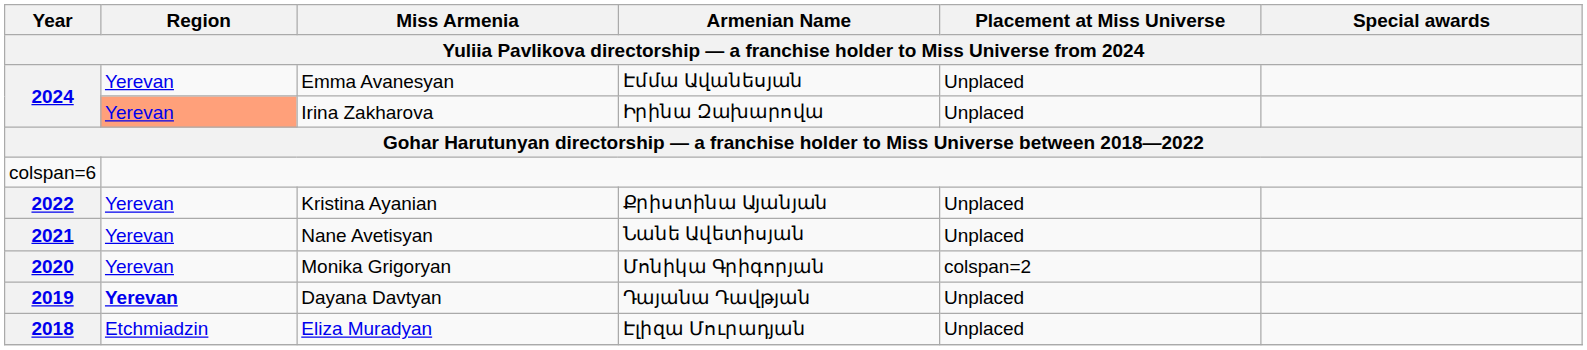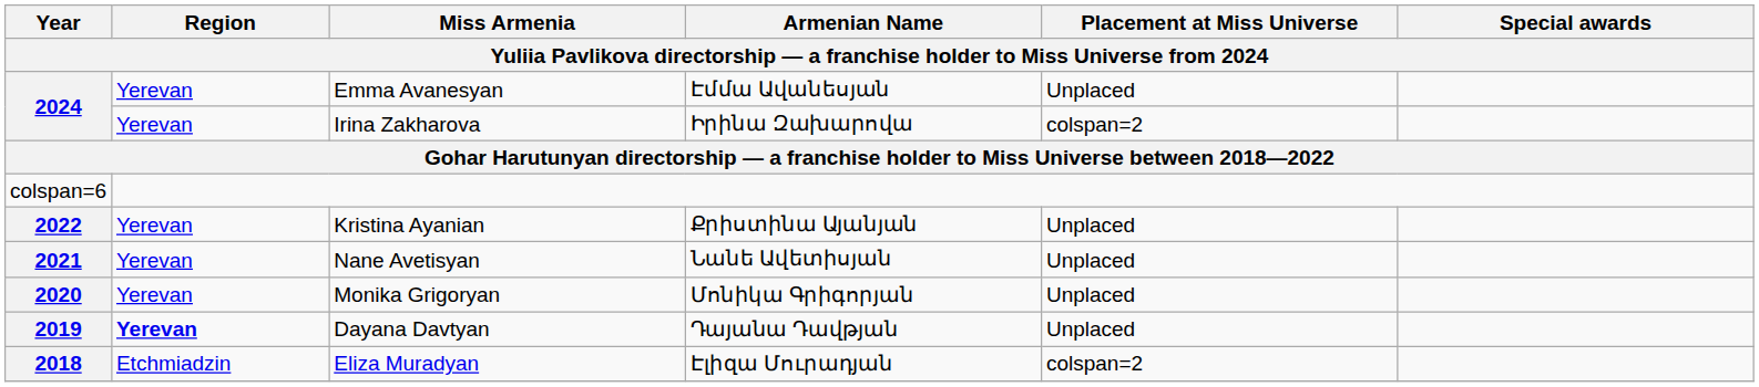 <table class="wikitable " style="font-size: 95%;">
 <tr>
 <th width="60">Year</th>
 <th width="150">Region</th>
 <th width="250">Miss Armenia</th>
 <th width="250">Armenian Name</th>
 <th width="250">Placement at Miss Universe</th>
 <th width="250">Special awards</th>
 </tr>
 <tr>
 <th colspan="6">Yuliia Pavlikova directorship — a franchise holder to Miss Universe from 2024</th>
 </tr>
 <tr>
 <th rowspan="2"><a href='#'>2024</a></th>
 <td><a href='#'>Yerevan</a></td>
 <td>Emma Avanesyan</td>
 <td>Էմմա Ավանեսյան</td>
 <td>Unplaced</td>
 <td></td>
 </tr>
 <tr>
-<td style="background: lightsalmon;"><a href='#'>Yerevan</a></td>
+<td><a href='#'>Yerevan</a></td>
 <td>Irina Zakharova </td>
 <td>Իրինա Զախարովա</td>
-<td>Unplaced</td>
+<td>colspan=2 </td>
 </tr>
 <tr>
 <th colspan="6">Gohar Harutunyan directorship — a franchise holder to Miss Universe between 2018―2022</th>
 </tr>
 <tr>
 <td>colspan=6 </td>
 </tr>
 <tr>
 <th><a href='#'>2022</a></th>
 <td><a href='#'>Yerevan</a></td>
 <td>Kristina Ayanian</td>
 <td>Քրիստինա Այանյան</td>
 <td>Unplaced</td>
 <td></td>
 </tr>
 <tr>
 <th><a href='#'>2021</a></th>
 <td><a href='#'>Yerevan</a></td>
 <td>Nane Avetisyan</td>
 <td>Նանե Ավետիսյան</td>
 <td>Unplaced</td>
 <td></td>
 </tr>
 <tr>
 <th><a href='#'>2020</a></th>
 <td><a href='#'>Yerevan</a></td>
 <td>Monika Grigoryan</td>
 <td>Մոնիկա Գրիգորյան</td>
-<td>colspan=2 </td>
+<td>Unplaced</td>
 <td></td>
 </tr>
 <tr>
 <th><a href='#'>2019</a></th>
 <td><strong><a href='#'>Yerevan</a></strong></td>
 <td>Dayana Davtyan</td>
 <td>Դայանա Դավթյան</td>
 <td>Unplaced</td>
 <td></td>
 </tr>
 <tr>
 <th><a href='#'>2018</a></th>
 <td><a href='#'>Etchmiadzin</a></td>
 <td><a href='#'>Eliza Muradyan</a></td>
 <td>Էլիզա Մուրադյան</td>
-<td>Unplaced</td>
+<td>colspan=2 </td>
 <td></td>
 </tr>
 <tr>
 </tr>
 </table>
